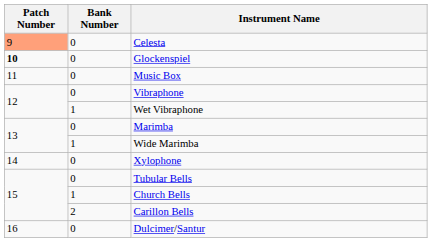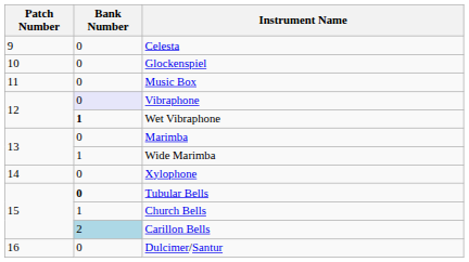 <table width="50%" class="wikitable">
 <tr>
 <th width="15%">Patch Number</th>
 <th width="15%">Bank Number</th>
 <th width="70%">Instrument Name</th>
 </tr>
 <tr>
-<td style="background: lightsalmon;">9</td>
+<td>9</td>
 <td>0</td>
 <td><a href='#'>Celesta</a></td>
 </tr>
 <tr>
-<td><strong>10</strong></td>
+<td>10</td>
 <td>0</td>
 <td><a href='#'>Glockenspiel</a></td>
 </tr>
 <tr>
 <td>11</td>
 <td>0</td>
 <td><a href='#'>Music Box</a></td>
 </tr>
 <tr>
 <td rowspan=2>12</td>
-<td>0</td>
+<td style="background: lavender;">0</td>
 <td><a href='#'>Vibraphone</a></td>
 </tr>
 <tr>
-<td>1</td>
+<td><strong>1</strong></td>
 <td>Wet Vibraphone</td>
 </tr>
 <tr>
 <td rowspan=2>13</td>
 <td>0</td>
 <td><a href='#'>Marimba</a></td>
 </tr>
 <tr>
 <td>1</td>
 <td>Wide Marimba</td>
 </tr>
 <tr>
 <td>14</td>
 <td>0</td>
 <td><a href='#'>Xylophone</a></td>
 </tr>
 <tr>
 <td rowspan=3>15</td>
-<td>0</td>
+<td><strong>0</strong></td>
 <td><a href='#'>Tubular Bells</a></td>
 </tr>
 <tr>
 <td>1</td>
 <td><a href='#'>Church Bells</a></td>
 </tr>
 <tr>
-<td>2</td>
+<td style="background: lightblue;">2</td>
 <td><a href='#'>Carillon Bells</a></td>
 </tr>
 <tr>
 <td>16</td>
 <td>0</td>
 <td><a href='#'>Dulcimer</a>/<a href='#'>Santur</a></td>
 </tr>
 </table>
